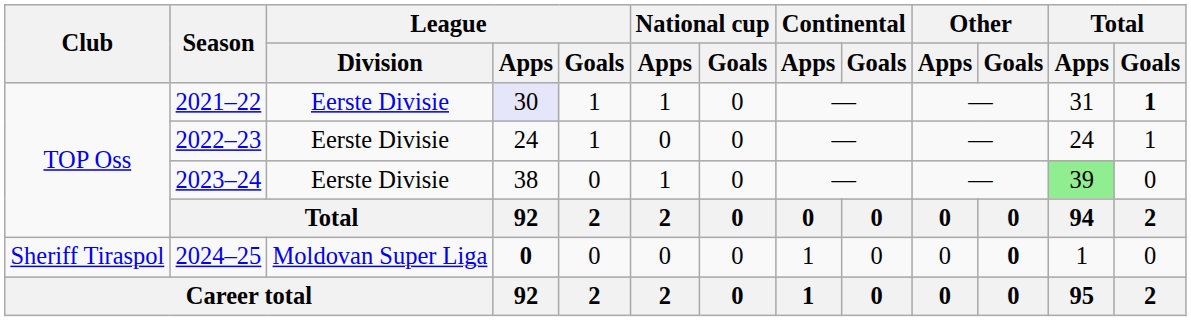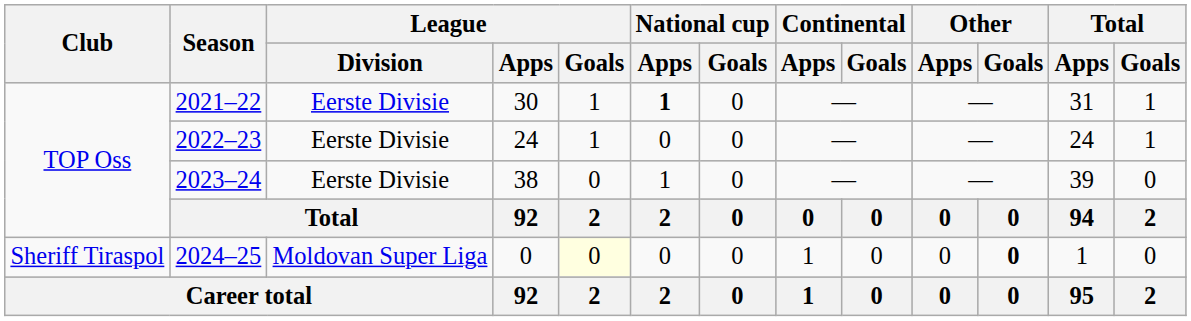 <table class="wikitable" style="text-align:center">
 <tr>
 <th rowspan="2">Club</th>
 <th rowspan="2">Season</th>
 <th colspan="3">League</th>
 <th colspan="2">National cup</th>
 <th colspan="2">Continental</th>
 <th colspan="2">Other</th>
 <th colspan="2">Total</th>
 </tr>
 <tr>
 <th>Division</th>
 <th>Apps</th>
 <th>Goals</th>
 <th>Apps</th>
 <th>Goals</th>
 <th>Apps</th>
 <th>Goals</th>
 <th>Apps</th>
 <th>Goals</th>
 <th>Apps</th>
 <th>Goals</th>
 </tr>
 <tr>
 <td rowspan="4"><a href='#'>TOP Oss</a></td>
 <td><a href='#'>2021–22</a></td>
 <td><a href='#'>Eerste Divisie</a></td>
-<td style="background: lavender;">30</td>
+<td>30</td>
 <td>1</td>
-<td>1</td>
+<td><strong>1</strong></td>
 <td>0</td>
 <td colspan="2">—</td>
 <td colspan="2">—</td>
 <td>31</td>
-<td><strong>1</strong></td>
+<td>1</td>
 </tr>
 <tr>
 <td><a href='#'>2022–23</a></td>
 <td>Eerste Divisie</td>
 <td>24</td>
 <td>1</td>
 <td>0</td>
 <td>0</td>
 <td colspan="2">—</td>
 <td colspan="2">—</td>
 <td>24</td>
 <td>1</td>
 </tr>
 <tr>
 <td><a href='#'>2023–24</a></td>
 <td>Eerste Divisie</td>
 <td>38</td>
 <td>0</td>
 <td>1</td>
 <td>0</td>
 <td colspan="2">—</td>
 <td colspan="2">—</td>
-<td style="background: lightgreen;">39</td>
+<td>39</td>
 <td>0</td>
 </tr>
 <tr>
 <th colspan="2">Total</th>
 <th>92</th>
 <th>2</th>
 <th>2</th>
 <th>0</th>
 <th>0</th>
 <th>0</th>
 <th>0</th>
 <th>0</th>
 <th>94</th>
 <th>2</th>
 </tr>
 <tr>
 <td><a href='#'>Sheriff Tiraspol</a></td>
 <td><a href='#'>2024–25</a></td>
 <td><a href='#'>Moldovan Super Liga</a></td>
-<td><strong>0</strong></td>
 <td>0</td>
+<td style="background: lightyellow;">0</td>
 <td>0</td>
 <td>0</td>
 <td>1</td>
 <td>0</td>
 <td>0</td>
 <td><strong>0</strong></td>
 <td>1</td>
 <td>0</td>
 </tr>
 <tr>
 <th colspan="3">Career total</th>
 <th>92</th>
 <th>2</th>
 <th>2</th>
 <th>0</th>
 <th>1</th>
 <th>0</th>
 <th>0</th>
 <th>0</th>
 <th>95</th>
 <th>2</th>
 </tr>
 </table>
